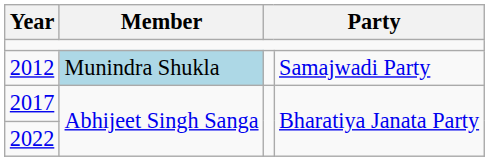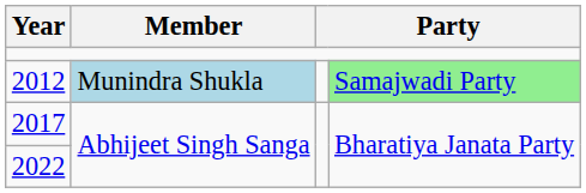 <table class="wikitable">
 <tr>
 <th>Year</th>
 <th>Member</th>
 <th colspan="2">Party</th>
 </tr>
 <tr>
 <td colspan="4"></td>
 </tr>
 <tr>
 <td><a href='#'>2012</a></td>
 <td style="background: lightblue;">Munindra Shukla</td>
 <td style="background-color: "></td>
-<td><a href='#'>Samajwadi Party</a></td>
+<td style="background: lightgreen;"><a href='#'>Samajwadi Party</a></td>
 </tr>
 <tr>
 <td><a href='#'>2017</a></td>
 <td rowspan="2"><a href='#'>Abhijeet Singh Sanga</a></td>
 <td rowspan="2" style="background-color: "></td>
 <td rowspan="2"><a href='#'>Bharatiya Janata Party</a></td>
 </tr>
 <tr>
 <td><a href='#'>2022</a></td>
 </tr>
 </table>
